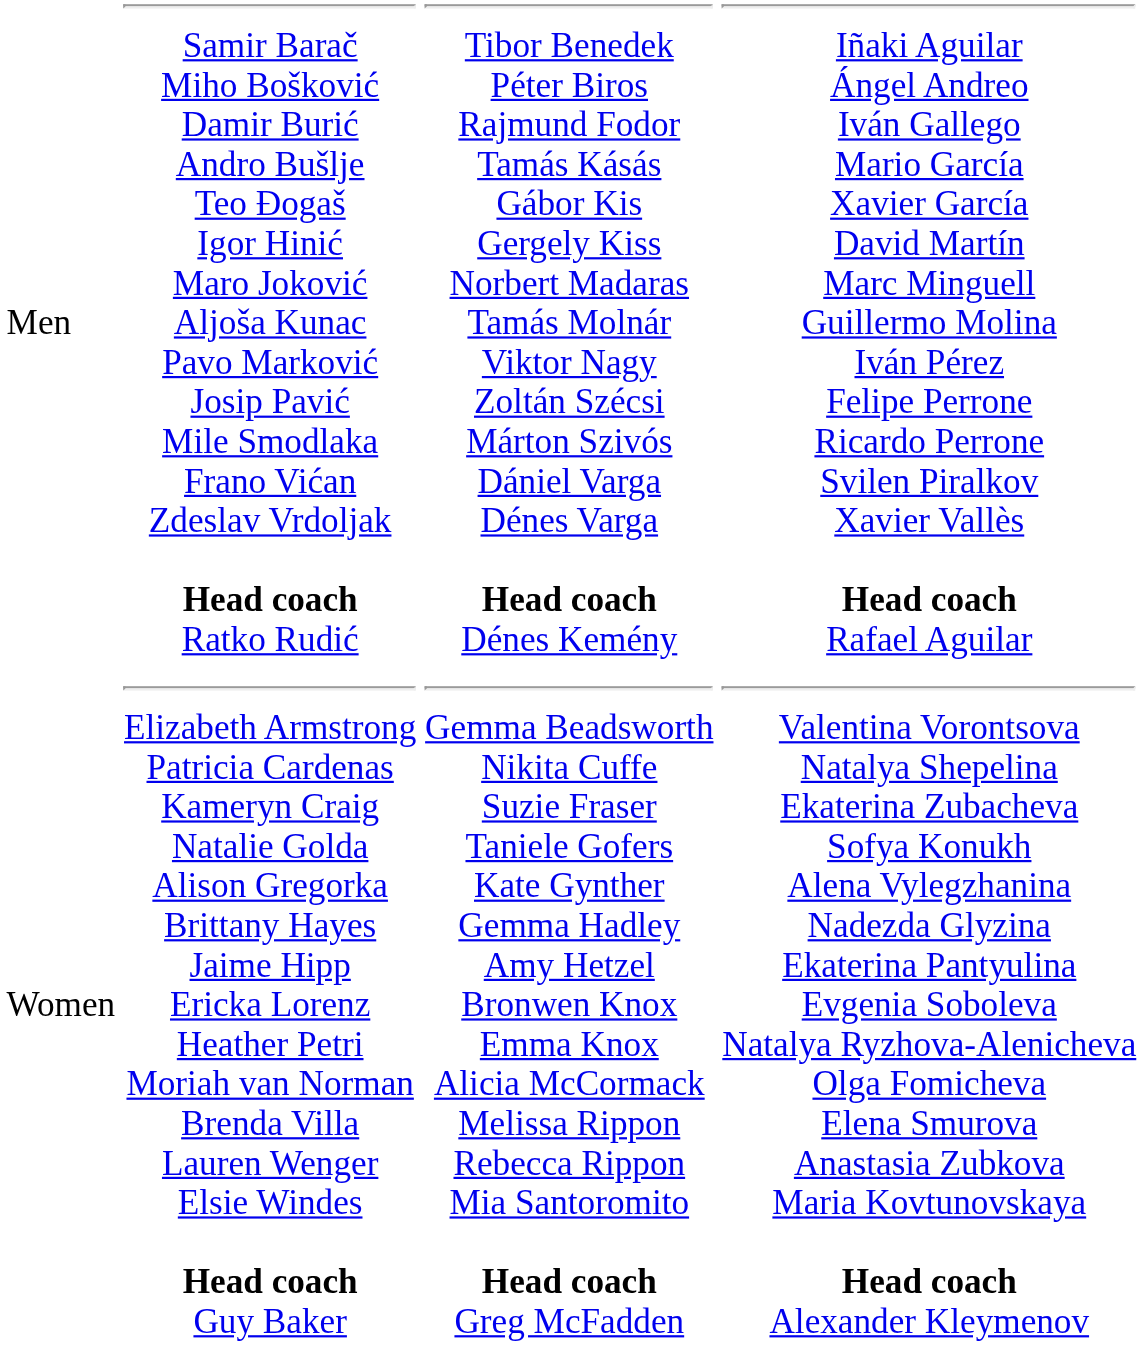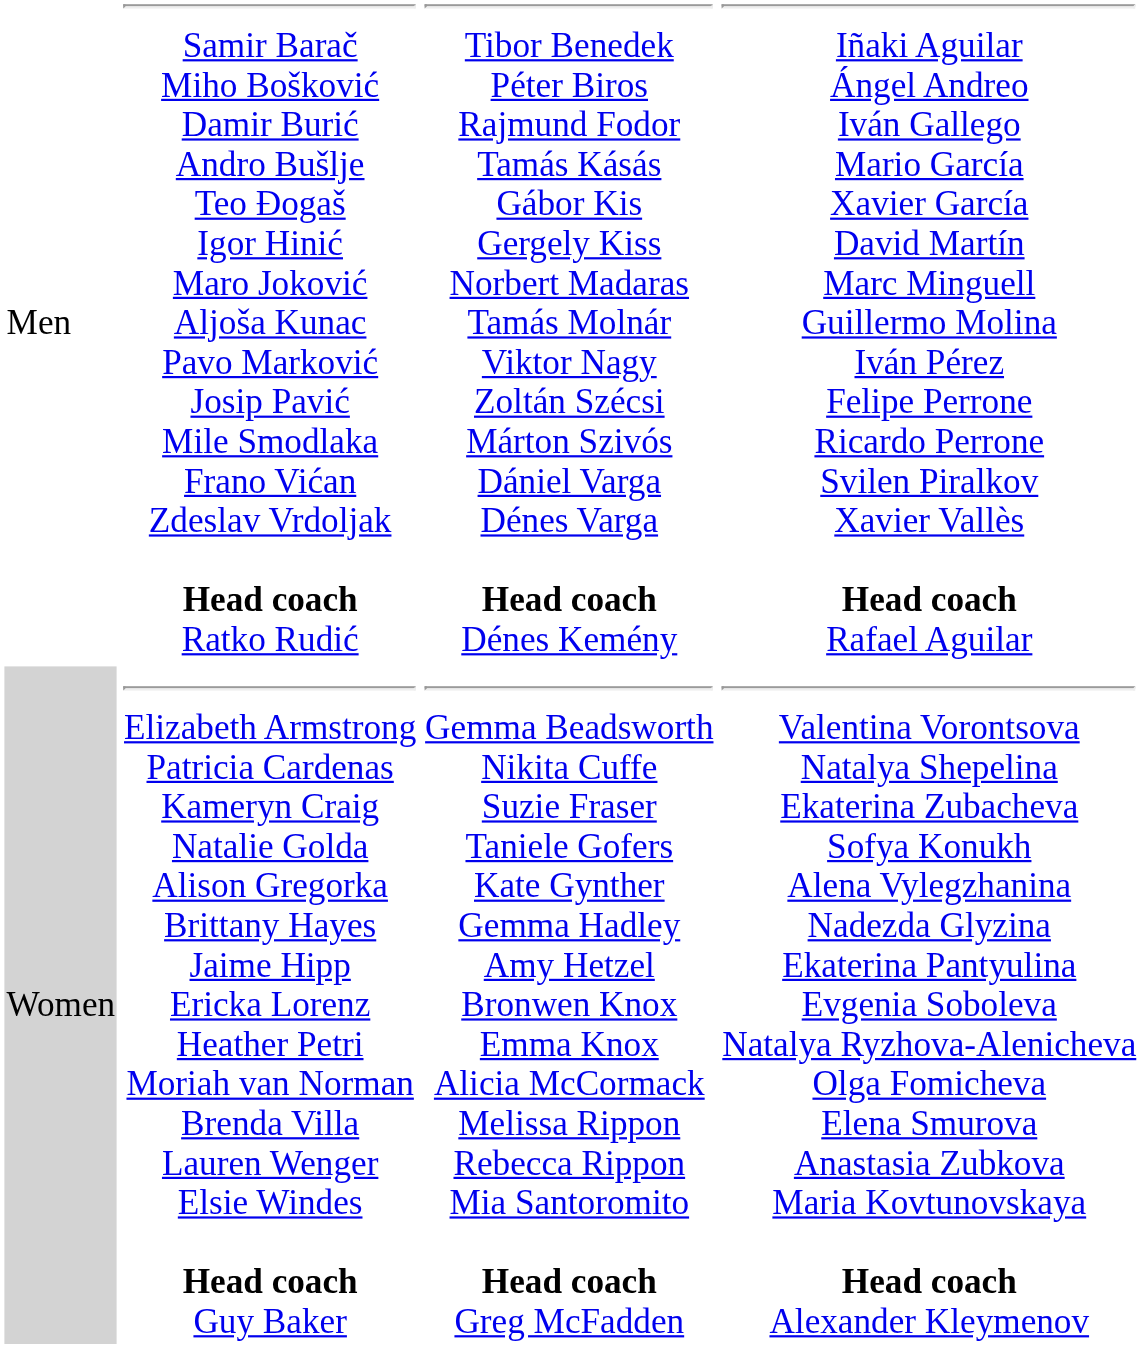 <table>
 <tr>
 <td>Men<br></td>
 <td style="text-align:center; vertical-align:top;"><strong></strong> <hr><a href='#'>Samir Barač</a><br><a href='#'>Miho Bošković</a><br><a href='#'>Damir Burić</a><br><a href='#'>Andro Bušlje</a><br><a href='#'>Teo Đogaš</a><br><a href='#'>Igor Hinić</a><br><a href='#'>Maro Joković</a><br><a href='#'>Aljoša Kunac</a><br><a href='#'>Pavo Marković</a><br><a href='#'>Josip Pavić</a><br><a href='#'>Mile Smodlaka</a><br><a href='#'>Frano Vićan</a><br><a href='#'>Zdeslav Vrdoljak</a><br><br><strong>Head coach</strong><br><a href='#'>Ratko Rudić</a></td>
 <td style="text-align:center; vertical-align:top;"><strong></strong><hr><a href='#'>Tibor Benedek</a><br><a href='#'>Péter Biros</a><br><a href='#'>Rajmund Fodor</a><br><a href='#'>Tamás Kásás</a><br><a href='#'>Gábor Kis</a><br><a href='#'>Gergely Kiss</a><br><a href='#'>Norbert Madaras</a><br><a href='#'>Tamás Molnár</a><br><a href='#'>Viktor Nagy</a><br><a href='#'>Zoltán Szécsi</a><br><a href='#'>Márton Szivós</a><br><a href='#'>Dániel Varga</a><br><a href='#'>Dénes Varga</a><br><br><strong>Head coach</strong><br><a href='#'>Dénes Kemény</a></td>
 <td style="text-align:center; vertical-align:top;"><strong></strong><hr><a href='#'>Iñaki Aguilar</a><br><a href='#'>Ángel Andreo</a><br><a href='#'>Iván Gallego</a><br><a href='#'>Mario García</a><br><a href='#'>Xavier García</a><br><a href='#'>David Martín</a><br><a href='#'>Marc Minguell</a><br><a href='#'>Guillermo Molina</a><br><a href='#'>Iván Pérez</a><br><a href='#'>Felipe Perrone</a><br><a href='#'>Ricardo Perrone</a><br><a href='#'>Svilen Piralkov</a><br><a href='#'>Xavier Vallès</a><br><br><strong>Head coach</strong><br><a href='#'>Rafael Aguilar</a></td>
 </tr>
 <tr>
-<td>Women<br></td>
+<td style="background: lightgrey;">Women<br></td>
 <td style="text-align:center; vertical-align:top;"><strong></strong> <hr><a href='#'>Elizabeth Armstrong</a><br><a href='#'>Patricia Cardenas</a><br><a href='#'>Kameryn Craig</a><br><a href='#'>Natalie Golda</a><br><a href='#'>Alison Gregorka</a><br><a href='#'>Brittany Hayes</a><br><a href='#'>Jaime Hipp</a><br><a href='#'>Ericka Lorenz</a><br><a href='#'>Heather Petri</a><br><a href='#'>Moriah van Norman</a><br><a href='#'>Brenda Villa</a><br><a href='#'>Lauren Wenger</a><br><a href='#'>Elsie Windes</a><br><br><strong>Head coach</strong><br><a href='#'>Guy Baker</a></td>
 <td style="text-align:center; vertical-align:top;"><strong></strong><hr><a href='#'>Gemma Beadsworth</a><br><a href='#'>Nikita Cuffe</a><br><a href='#'>Suzie Fraser</a><br><a href='#'>Taniele Gofers</a><br><a href='#'>Kate Gynther</a><br><a href='#'>Gemma Hadley</a><br><a href='#'>Amy Hetzel</a><br><a href='#'>Bronwen Knox</a><br><a href='#'>Emma Knox</a><br><a href='#'>Alicia McCormack</a><br><a href='#'>Melissa Rippon</a><br><a href='#'>Rebecca Rippon</a><br><a href='#'>Mia Santoromito</a><br><br><strong>Head coach</strong><br><a href='#'>Greg McFadden</a></td>
 <td style="text-align:center; vertical-align:top;"><strong></strong><hr><a href='#'>Valentina Vorontsova</a><br><a href='#'>Natalya Shepelina</a><br><a href='#'>Ekaterina Zubacheva</a><br><a href='#'>Sofya Konukh</a><br><a href='#'>Alena Vylegzhanina</a><br><a href='#'>Nadezda Glyzina</a><br><a href='#'>Ekaterina Pantyulina</a><br><a href='#'>Evgenia Soboleva</a><br><a href='#'>Natalya Ryzhova-Alenicheva</a><br><a href='#'>Olga Fomicheva</a><br><a href='#'>Elena Smurova</a><br><a href='#'>Anastasia Zubkova</a><br><a href='#'>Maria Kovtunovskaya</a><br><br><strong>Head coach</strong><br><a href='#'>Alexander Kleymenov</a></td>
 </tr>
 </table>
